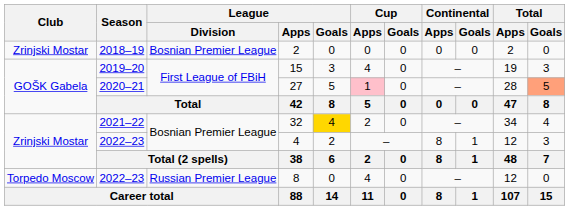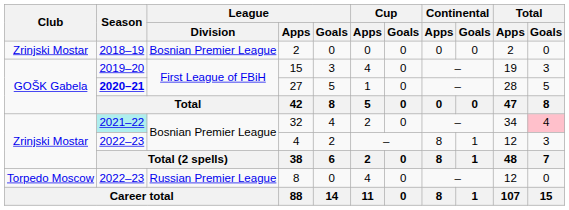 <table class="wikitable" style="text-align: center;">
 <tr>
 <th rowspan=2>Club</th>
 <th rowspan=2>Season</th>
 <th colspan=3>League</th>
 <th colspan=2>Cup</th>
 <th colspan=2>Continental</th>
 <th colspan=2>Total</th>
 </tr>
 <tr>
 <th>Division</th>
 <th>Apps</th>
 <th>Goals</th>
 <th>Apps</th>
 <th>Goals</th>
 <th>Apps</th>
 <th>Goals</th>
 <th>Apps</th>
 <th>Goals</th>
 </tr>
 <tr>
 <td><a href='#'>Zrinjski Mostar</a></td>
 <td><a href='#'>2018–19</a></td>
 <td><a href='#'>Bosnian Premier League</a></td>
 <td>2</td>
 <td>0</td>
 <td>0</td>
 <td>0</td>
 <td>0</td>
 <td>0</td>
 <td>2</td>
 <td>0</td>
 </tr>
 <tr>
 <td rowspan="3"><a href='#'>GOŠK Gabela</a></td>
 <td><a href='#'>2019–20</a></td>
 <td rowspan="2"><a href='#'>First League of FBiH</a></td>
 <td>15</td>
 <td>3</td>
 <td>4</td>
 <td>0</td>
 <td colspan=2>–</td>
 <td>19</td>
 <td>3</td>
 </tr>
 <tr>
-<td><a href='#'>2020–21</a></td>
+<td><strong><a href='#'>2020–21</a></strong></td>
 <td>27</td>
 <td>5</td>
-<td style="background: pink;">1</td>
+<td>1</td>
 <td>0</td>
 <td colspan=2>–</td>
 <td>28</td>
-<td style="background: lightsalmon;">5</td>
+<td>5</td>
 </tr>
 <tr>
 <th colspan=2>Total</th>
 <th>42</th>
 <th>8</th>
 <th>5</th>
 <th>0</th>
 <th>0</th>
 <th>0</th>
 <th>47</th>
 <th>8</th>
 </tr>
 <tr>
 <td rowspan="3"><a href='#'>Zrinjski Mostar</a></td>
-<td><a href='#'>2021–22</a></td>
+<td style="background: paleturquoise;"><a href='#'>2021–22</a></td>
 <td rowspan="2">Bosnian Premier League</td>
 <td>32</td>
-<td style="background: gold;">4</td>
+<td>4</td>
 <td>2</td>
 <td>0</td>
 <td colspan=2>–</td>
 <td>34</td>
-<td>4</td>
+<td style="background: pink;">4</td>
 </tr>
 <tr>
 <td><a href='#'>2022–23</a></td>
 <td>4</td>
 <td>2</td>
 <td colspan=2>–</td>
 <td>8</td>
 <td>1</td>
 <td>12</td>
 <td>3</td>
 </tr>
 <tr>
 <th colspan=2>Total (2 spells)</th>
 <th>38</th>
 <th>6</th>
 <th>2</th>
 <th>0</th>
 <th>8</th>
 <th>1</th>
 <th>48</th>
 <th>7</th>
 </tr>
 <tr>
 <td><a href='#'>Torpedo Moscow</a></td>
 <td><a href='#'>2022–23</a></td>
 <td><a href='#'>Russian Premier League</a></td>
 <td>8</td>
 <td>0</td>
 <td>4</td>
 <td>0</td>
 <td colspan=2>–</td>
 <td>12</td>
 <td>0</td>
 </tr>
 <tr>
 <th colspan=3>Career total</th>
 <th>88</th>
 <th>14</th>
 <th>11</th>
 <th>0</th>
 <th>8</th>
 <th>1</th>
 <th>107</th>
 <th>15</th>
 </tr>
 </table>
